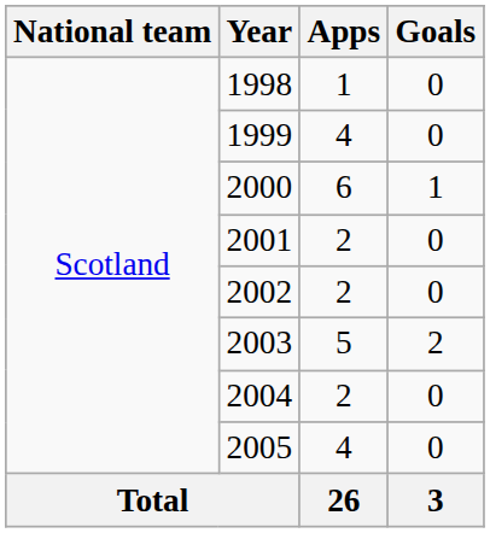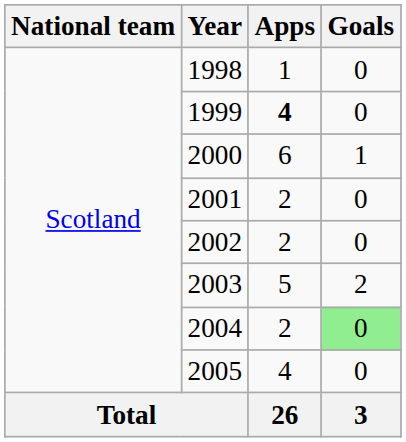 <table class="wikitable" style="text-align:center">
 <tr>
 <th>National team</th>
 <th>Year</th>
 <th>Apps</th>
 <th>Goals</th>
 </tr>
 <tr>
 <td rowspan="8"><a href='#'>Scotland</a></td>
 <td>1998</td>
 <td>1</td>
 <td>0</td>
 </tr>
 <tr>
 <td>1999</td>
-<td>4</td>
+<td><strong>4</strong></td>
 <td>0</td>
 </tr>
 <tr>
 <td>2000</td>
 <td>6</td>
 <td>1</td>
 </tr>
 <tr>
 <td>2001</td>
 <td>2</td>
 <td>0</td>
 </tr>
 <tr>
 <td>2002</td>
 <td>2</td>
 <td>0</td>
 </tr>
 <tr>
 <td>2003</td>
 <td>5</td>
 <td>2</td>
 </tr>
 <tr>
 <td>2004</td>
 <td>2</td>
-<td>0</td>
+<td style="background: lightgreen;">0</td>
 </tr>
 <tr>
 <td>2005</td>
 <td>4</td>
 <td>0</td>
 </tr>
 <tr>
 <th colspan="2">Total</th>
 <th>26</th>
 <th>3</th>
 </tr>
 </table>
